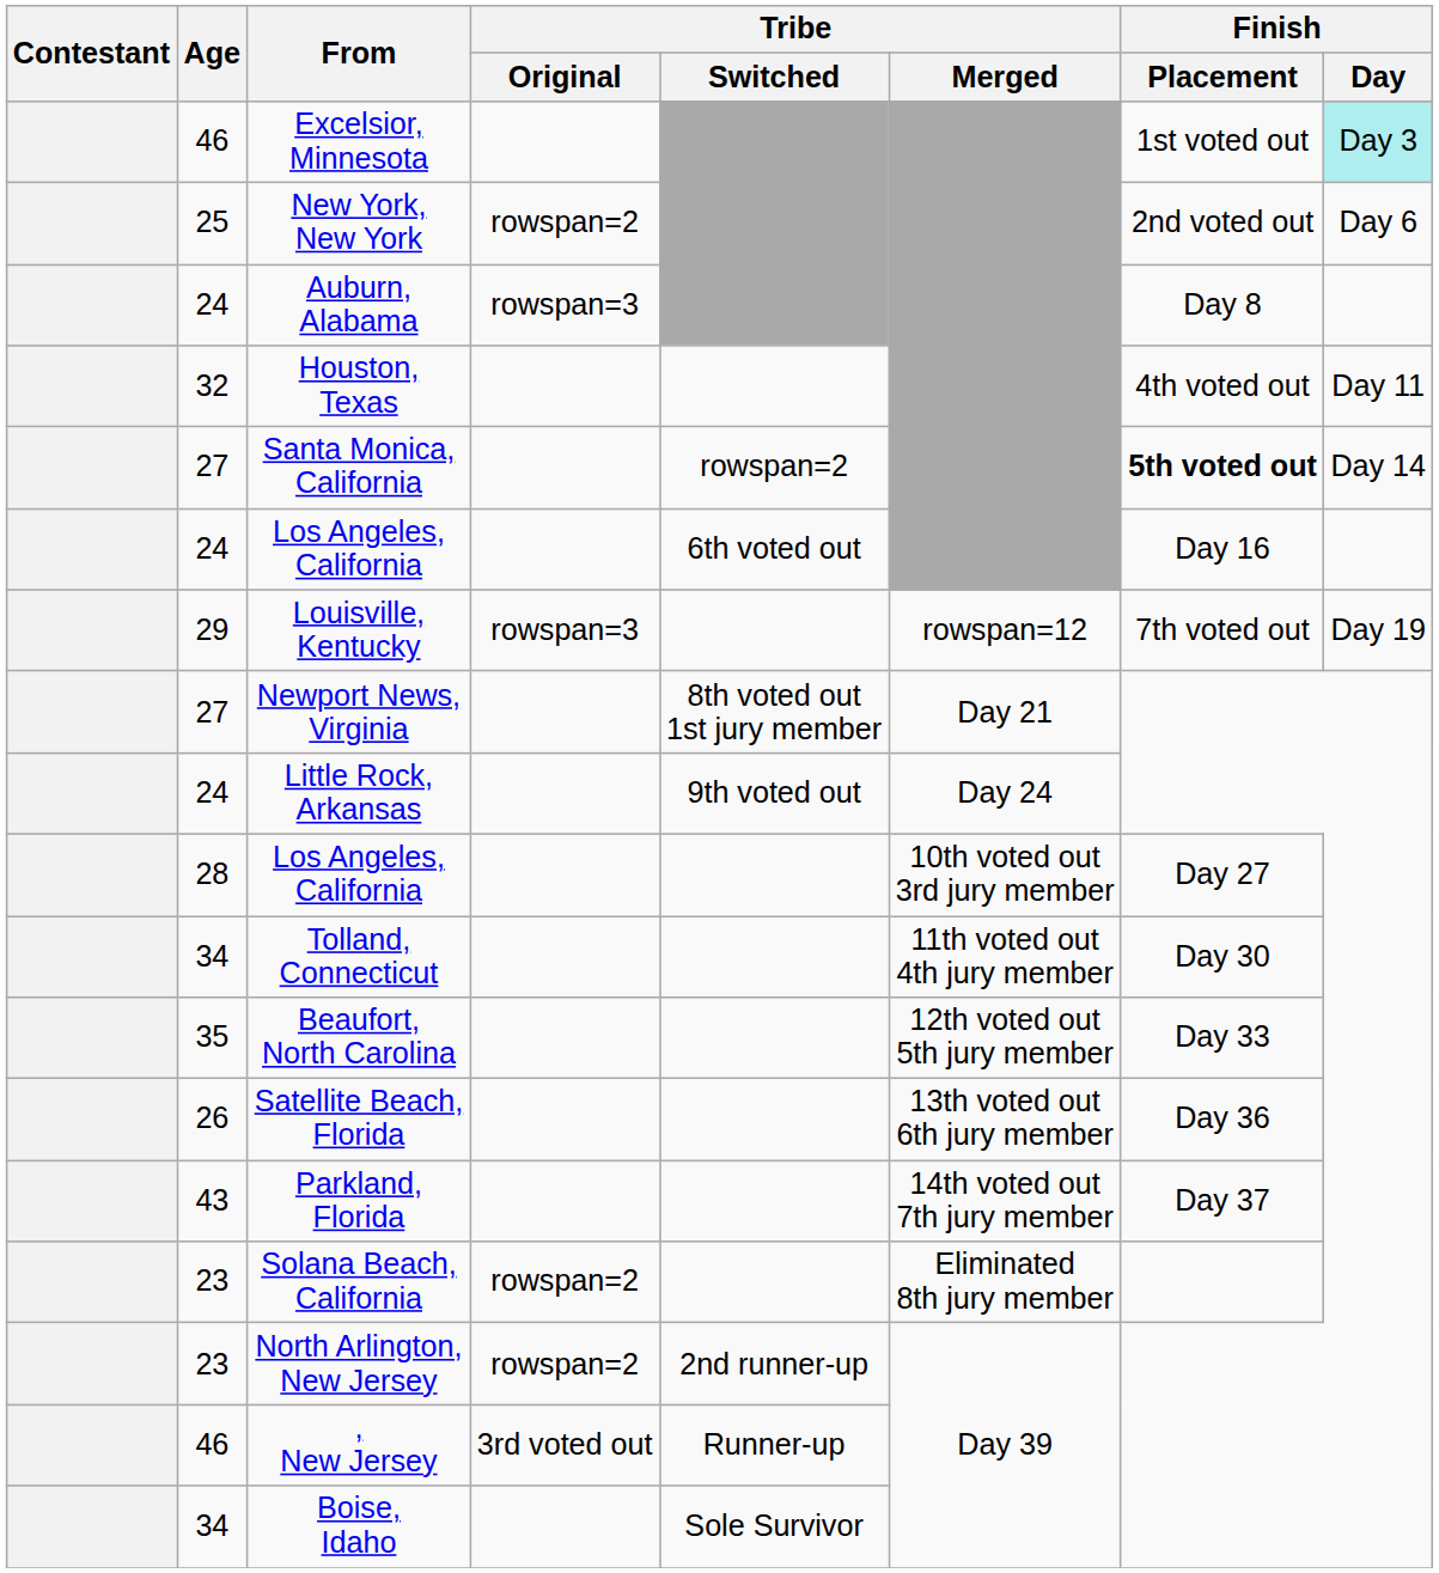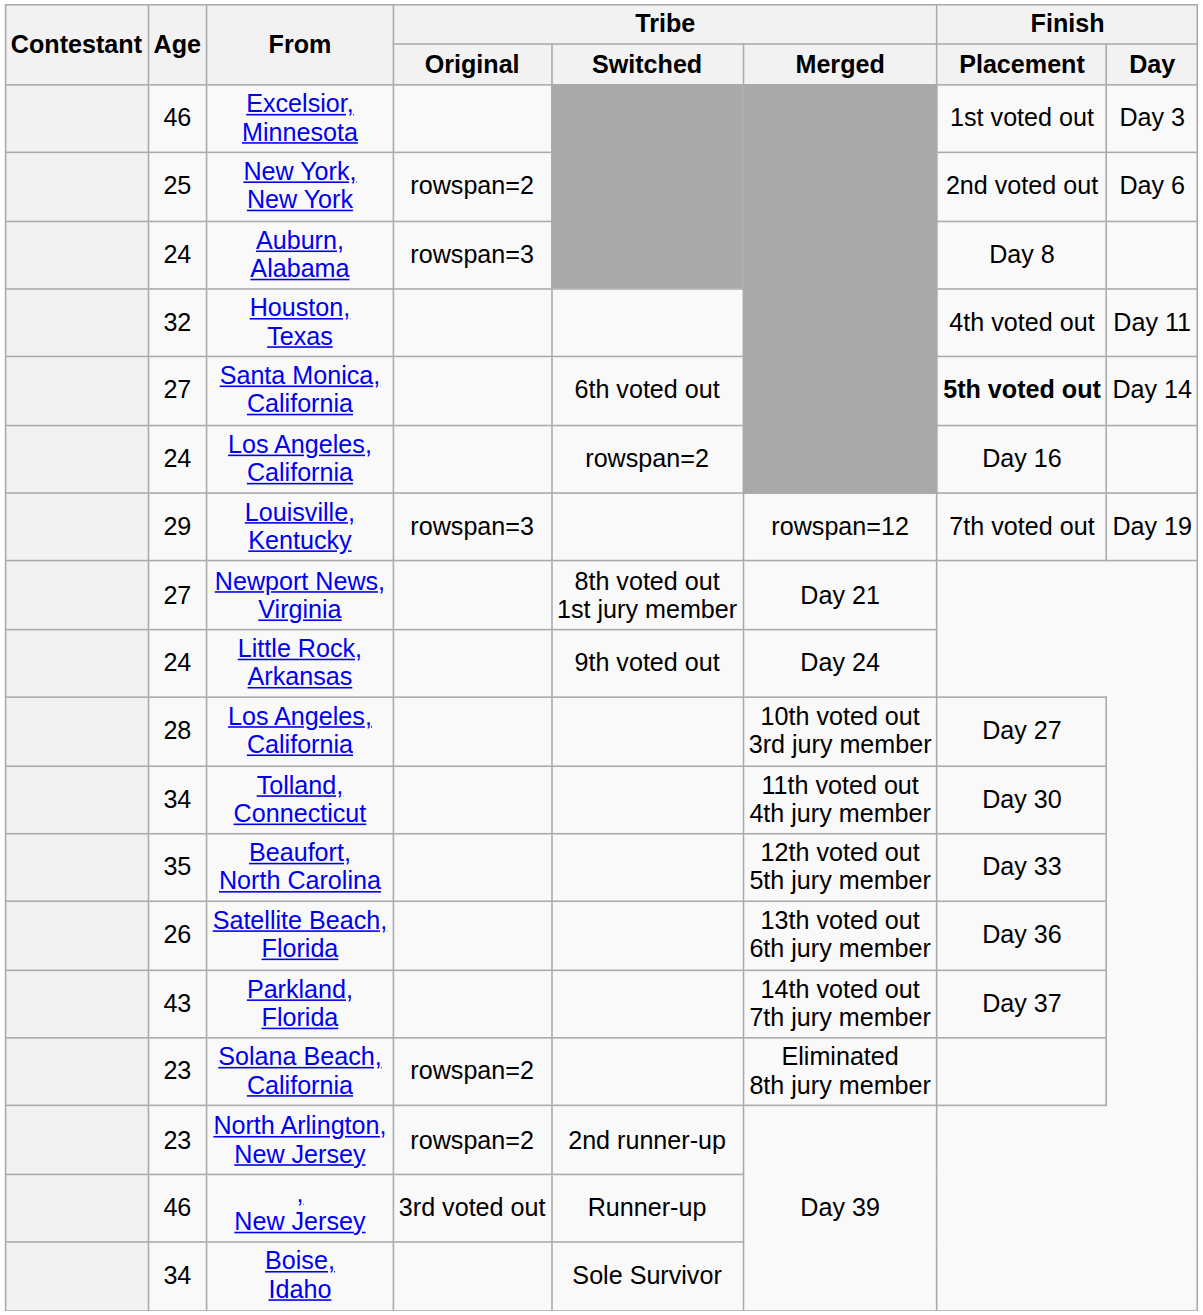 <table class="wikitable sortable" style="margin:auto; text-align:center">
 <tr>
 <th rowspan="2" scope="col">Contestant</th>
 <th rowspan="2" scope="col">Age</th>
 <th rowspan="2" scope="col" class=unsortable>From</th>
 <th colspan="3" scope="colgroup">Tribe</th>
 <th colspan="2" scope="colgroup">Finish</th>
 </tr>
 <tr>
 <th scope="col">Original</th>
 <th scope="col">Switched</th>
 <th scope="col" class=unsortable>Merged</th>
 <th scope="col" class=unsortable>Placement</th>
 <th scope="col" class=unsortable>Day</th>
 </tr>
 <tr>
 <th scope="row" style=text-align:left></th>
 <td>46</td>
 <td><a href='#'>Excelsior,<br>Minnesota</a></td>
 <td></td>
 <td style="background:darkgrey;" rowspan="3"></td>
 <td style="background:darkgrey;" rowspan="6"></td>
 <td>1st voted out</td>
-<td style="background: paleturquoise;">Day 3</td>
+<td>Day 3</td>
 </tr>
 <tr>
 <th scope="row" style=text-align:left></th>
 <td>25</td>
 <td><a href='#'>New York,<br> New York</a></td>
 <td>rowspan=2 </td>
 <td>2nd voted out</td>
 <td>Day 6</td>
 </tr>
 <tr>
 <th scope="row" style=text-align:left></th>
 <td>24</td>
 <td><a href='#'>Auburn,<br>Alabama</a></td>
 <td>rowspan=3 </td>
 <td>Day 8</td>
 </tr>
 <tr>
 <th scope="row" style=text-align:left></th>
 <td>32</td>
 <td><a href='#'>Houston,<br>Texas</a></td>
 <td></td>
 <td></td>
 <td>4th voted out</td>
 <td>Day 11</td>
 </tr>
 <tr>
 <th scope="row" style=text-align:left></th>
 <td>27</td>
 <td><a href='#'>Santa Monica,<br>California</a></td>
 <td></td>
-<td>rowspan=2 </td>
+<td>6th voted out</td>
 <td><strong>5th voted out</strong></td>
 <td>Day 14</td>
 </tr>
 <tr>
 <th scope="row" style=text-align:left></th>
 <td>24</td>
 <td><a href='#'>Los Angeles,<br>California</a></td>
 <td></td>
-<td>6th voted out</td>
+<td>rowspan=2 </td>
 <td>Day 16</td>
 </tr>
 <tr>
 <th scope="row" style=text-align:left></th>
 <td>29</td>
 <td><a href='#'>Louisville,<br>Kentucky</a></td>
 <td>rowspan=3 </td>
 <td></td>
 <td>rowspan=12 </td>
 <td>7th voted out</td>
 <td>Day 19</td>
 </tr>
 <tr>
 <th scope="row" style=text-align:left></th>
 <td>27</td>
 <td><a href='#'>Newport News,<br>Virginia</a></td>
 <td></td>
 <td>8th voted out<br>1st jury member</td>
 <td>Day 21</td>
 </tr>
 <tr>
 <th scope="row" style=text-align:left></th>
 <td>24</td>
 <td><a href='#'>Little Rock,<br>Arkansas</a></td>
 <td></td>
 <td>9th voted out<br></td>
 <td>Day 24</td>
 </tr>
 <tr>
 <th scope="row" style=text-align:left></th>
 <td>28</td>
 <td><a href='#'>Los Angeles,<br>California</a></td>
 <td></td>
 <td></td>
 <td>10th voted out<br>3rd jury member</td>
 <td>Day 27</td>
 </tr>
 <tr>
 <th scope="row" style=text-align:left></th>
 <td>34</td>
 <td><a href='#'>Tolland,<br>Connecticut</a></td>
 <td></td>
 <td></td>
 <td>11th voted out<br>4th jury member</td>
 <td>Day 30</td>
 </tr>
 <tr>
 <th scope="row" style=text-align:left></th>
 <td>35</td>
 <td><a href='#'>Beaufort,<br>North Carolina</a></td>
 <td></td>
 <td></td>
 <td>12th voted out<br>5th jury member</td>
 <td>Day 33</td>
 </tr>
 <tr>
 <th scope="row" style=text-align:left></th>
 <td>26</td>
 <td><a href='#'>Satellite Beach,<br>Florida</a></td>
 <td></td>
 <td></td>
 <td>13th voted out<br>6th jury member</td>
 <td>Day 36</td>
 </tr>
 <tr>
 <th scope="row" style=text-align:left></th>
 <td>43</td>
 <td><a href='#'>Parkland,<br>Florida</a></td>
 <td></td>
 <td></td>
 <td>14th voted out<br>7th jury member</td>
 <td>Day 37</td>
 </tr>
 <tr>
 <th scope="row" style=text-align:left></th>
 <td>23</td>
 <td><a href='#'>Solana Beach,<br>California</a></td>
 <td>rowspan=2 </td>
 <td></td>
 <td>Eliminated<br>8th jury member</td>
 <td></td>
 </tr>
 <tr>
 <th scope="row" style=text-align:left></th>
 <td>23</td>
 <td><a href='#'>North Arlington,<br>New Jersey</a></td>
 <td>rowspan=2 </td>
 <td>2nd runner-up</td>
 <td rowspan="3">Day 39</td>
 </tr>
 <tr>
 <th scope="row" style=text-align:left></th>
 <td>46</td>
 <td><a href='#'>,<br> New Jersey</a></td>
 <td>3rd voted out</td>
 <td>Runner-up</td>
 </tr>
 <tr>
 <th scope="row" style=text-align:left></th>
 <td>34</td>
 <td><a href='#'>Boise,<br>Idaho</a></td>
 <td></td>
 <td>Sole Survivor</td>
 </tr>
 </table>
